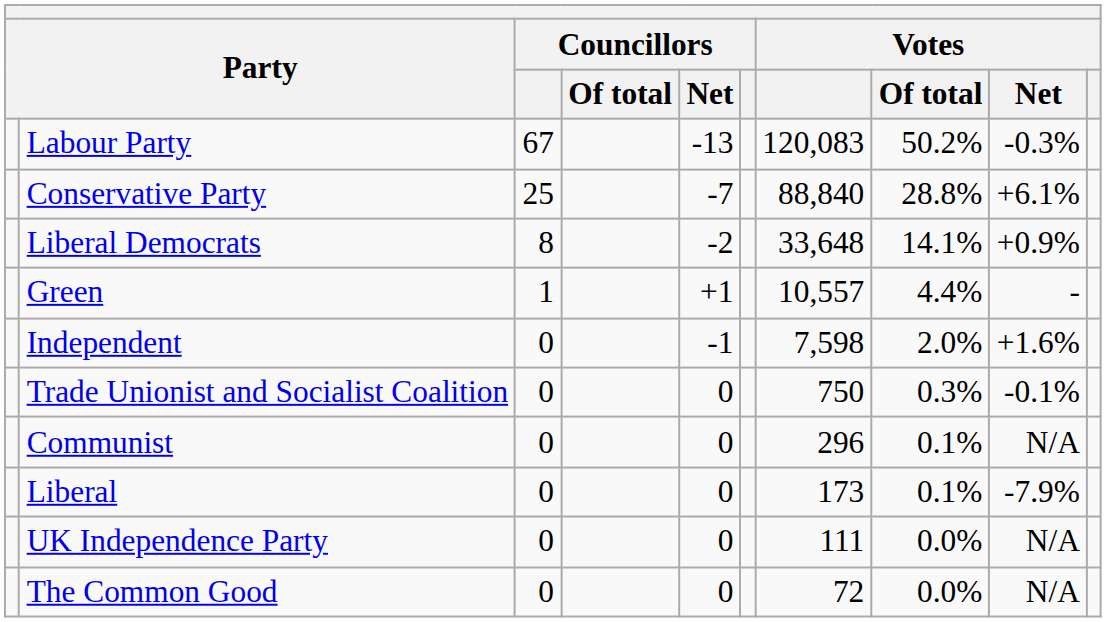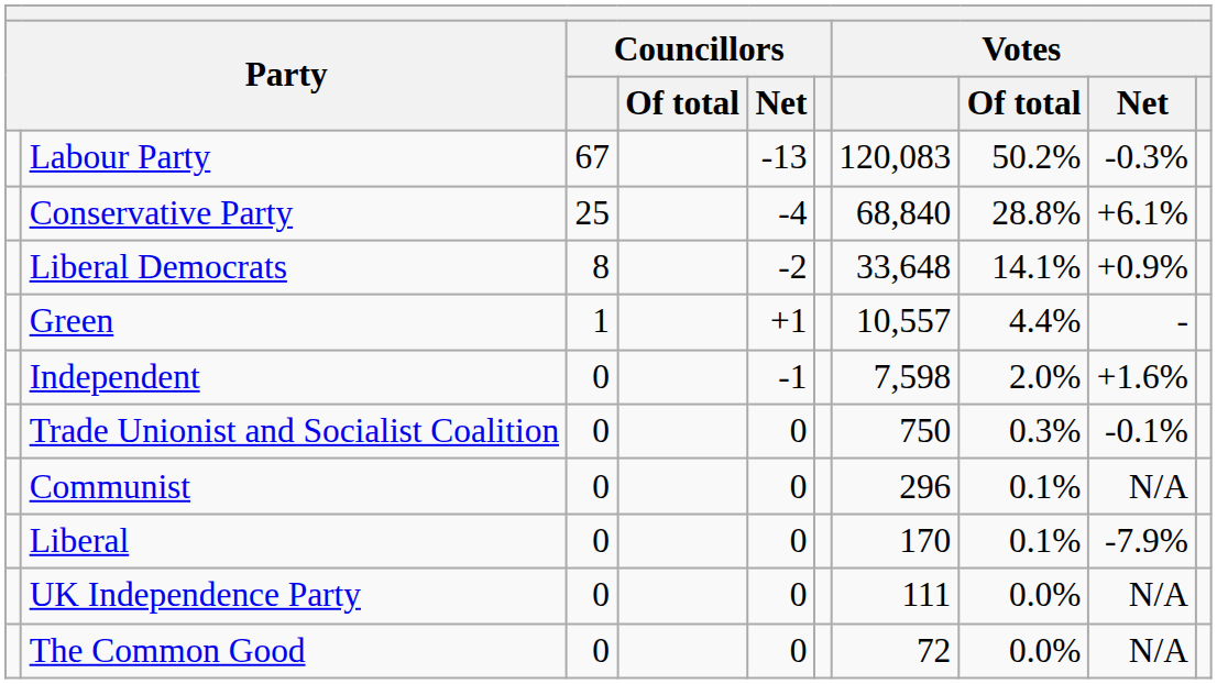 <table class="wikitable sortable" style="text-align:center;">
 <tr>
 <th colspan="10"></th>
 </tr>
 <tr>
 <th colspan="2" rowspan="2">Party</th>
 <th colspan="4">Councillors</th>
 <th colspan="4">Votes</th>
 </tr>
 <tr>
 <th></th>
 <th>Of total</th>
 <th>Net</th>
 <th class="unsortable"></th>
 <th></th>
 <th>Of total</th>
 <th>Net</th>
 <th class="unsortable"></th>
 </tr>
 <tr>
 <td style="background:"></td>
 <td style="text-align:left;"><a href='#'>Labour Party</a></td>
 <td style="text-align:right;">67</td>
 <td style="text-align:right;"></td>
 <td style="text-align:right;">-13</td>
 <td data-sort-value=""></td>
 <td style="text-align:right;">120,083</td>
 <td style="text-align:right;">50.2%</td>
 <td style="text-align:right;">-0.3%</td>
 <td></td>
 </tr>
 <tr>
 <td style="background:"></td>
 <td style="text-align:left;"><a href='#'>Conservative Party</a></td>
 <td style="text-align:right;">25</td>
 <td style="text-align:right;"></td>
-<td style="text-align:right;">-7</td>
+<td style="text-align:right;">-4</td>
 <td data-sort-value=""></td>
-<td style="text-align:right;">88,840</td>
+<td style="text-align:right;">68,840</td>
 <td style="text-align:right;">28.8%</td>
 <td style="text-align:right;">+6.1%</td>
 <td></td>
 </tr>
 <tr>
 <td style="background:"></td>
 <td style="text-align:left;"><a href='#'>Liberal Democrats</a></td>
 <td style="text-align:right;">8</td>
 <td style="text-align:right;"></td>
 <td style="text-align:right;">-2</td>
 <td data-sort-value=""></td>
 <td style="text-align:right;">33,648</td>
 <td style="text-align:right;">14.1%</td>
 <td style="text-align:right;">+0.9%</td>
 <td></td>
 </tr>
 <tr>
 <td style="background:"></td>
 <td style="text-align:left;"><a href='#'>Green</a></td>
 <td style="text-align:right;">1</td>
 <td style="text-align:right;"></td>
 <td style="text-align:right;">+1</td>
 <td data-sort-value=""></td>
 <td style="text-align:right;">10,557</td>
 <td style="text-align:right;">4.4%</td>
 <td style="text-align:right;">-</td>
 <td></td>
 </tr>
 <tr>
 <td style="background:"></td>
 <td style="text-align:left;"><a href='#'>Independent</a></td>
 <td style="text-align:right;">0</td>
 <td style="text-align:right;"></td>
 <td style="text-align:right;">-1</td>
 <td data-sort-value=""></td>
 <td style="text-align:right;">7,598</td>
 <td style="text-align:right;">2.0%</td>
 <td style="text-align:right;">+1.6%</td>
 <td></td>
 </tr>
 <tr>
 <td style="background:"></td>
 <td style="text-align:left;"><a href='#'>Trade Unionist and Socialist Coalition</a></td>
 <td style="text-align:right;">0</td>
 <td style="text-align:right;"></td>
 <td style="text-align:right;">0</td>
 <td data-sort-value=""></td>
 <td style="text-align:right;">750</td>
 <td style="text-align:right;">0.3%</td>
 <td style="text-align:right;">-0.1%</td>
 <td></td>
 </tr>
 <tr>
 <td style="background:"></td>
 <td style="text-align:left;"><a href='#'>Communist</a></td>
 <td style="text-align:right;">0</td>
 <td style="text-align:right;"></td>
 <td style="text-align:right;">0</td>
 <td data-sort-value=""></td>
 <td style="text-align:right;">296</td>
 <td style="text-align:right;">0.1%</td>
 <td style="text-align:right;">N/A</td>
 <td></td>
 </tr>
 <tr>
 <td style="background:"></td>
 <td style="text-align:left;"><a href='#'>Liberal</a></td>
 <td style="text-align:right;">0</td>
 <td style="text-align:right;"></td>
 <td style="text-align:right;">0</td>
 <td data-sort-value=""></td>
-<td style="text-align:right;">173</td>
+<td style="text-align:right;">170</td>
 <td style="text-align:right;">0.1%</td>
 <td style="text-align:right;">-7.9%</td>
 <td></td>
 </tr>
 <tr>
 <td style="background:"></td>
 <td style="text-align:left;"><a href='#'>UK Independence Party</a></td>
 <td style="text-align:right;">0</td>
 <td style="text-align:right;"></td>
 <td style="text-align:right;">0</td>
 <td data-sort-value=""></td>
 <td style="text-align:right;">111</td>
 <td style="text-align:right;">0.0%</td>
 <td style="text-align:right;">N/A</td>
 <td></td>
 </tr>
 <tr>
 <td style="background:"></td>
 <td style="text-align:left;"><a href='#'>The Common Good</a></td>
 <td style="text-align:right;">0</td>
 <td style="text-align:right;"></td>
 <td style="text-align:right;">0</td>
 <td data-sort-value=""></td>
 <td style="text-align:right;">72</td>
 <td style="text-align:right;">0.0%</td>
 <td style="text-align:right;">N/A</td>
 <td></td>
 </tr>
 </table>
